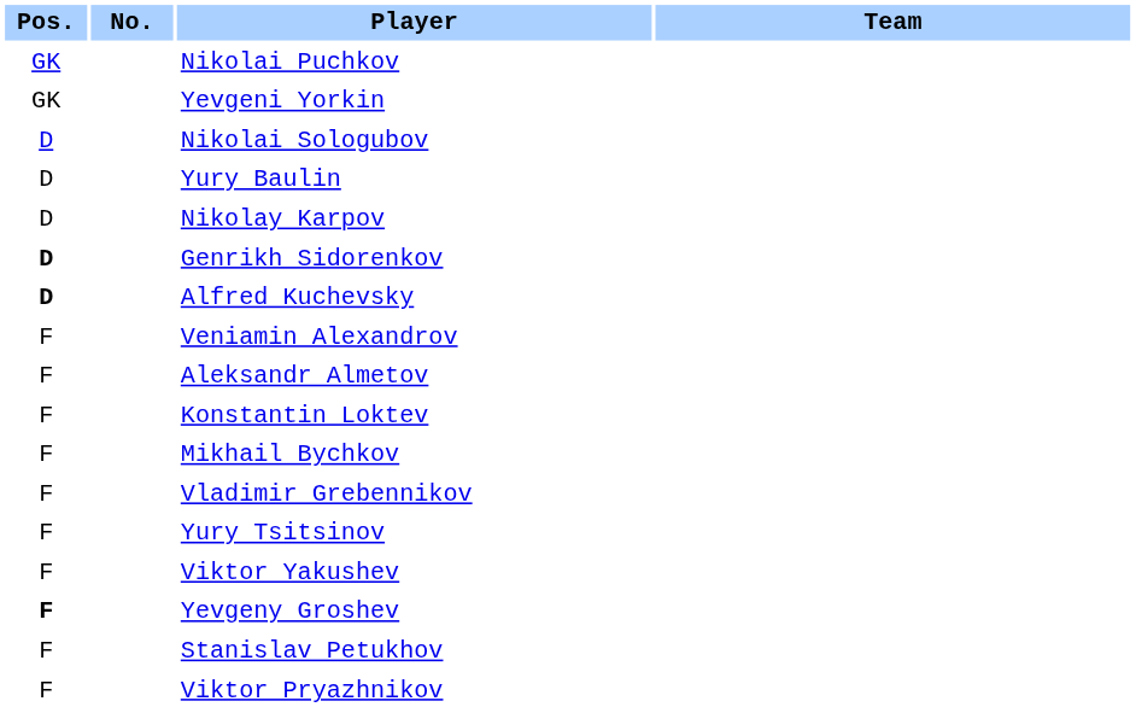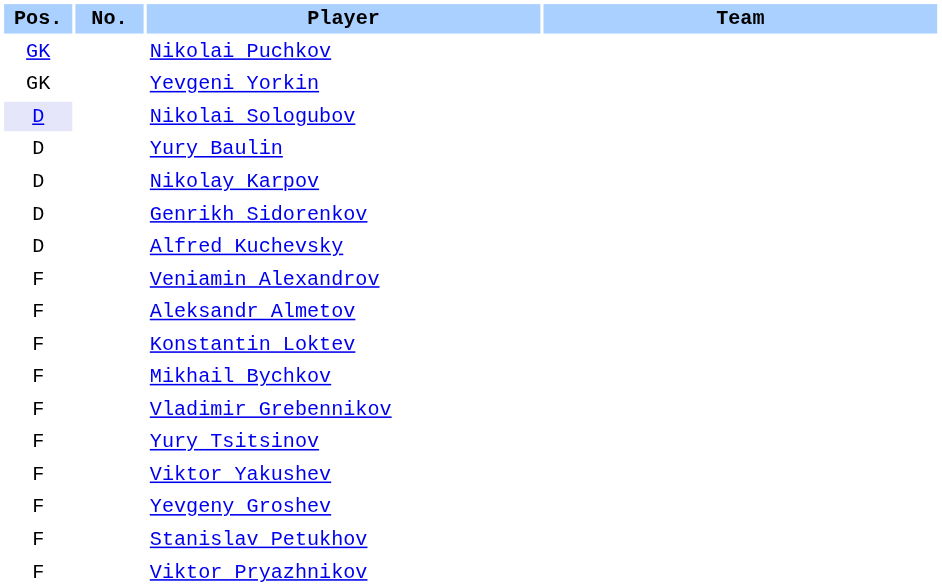 <table border="0" cellspacing="2" cellpadding="2">
 <tr bgcolor=AAD0FF>
 <th width=40>Pos.</th>
 <th width=40>No.</th>
 <th width=250>Player</th>
 <th width=250>Team</th>
 </tr>
 <tr>
 <td style="text-align:center;"><a href='#'>GK</a></td>
 <td style="text-align:center;"></td>
 <td><a href='#'>Nikolai Puchkov</a></td>
 </tr>
 <tr>
 <td style="text-align:center;">GK</td>
 <td style="text-align:center;"></td>
 <td><a href='#'>Yevgeni Yorkin</a></td>
 </tr>
 <tr>
-<td style="text-align:center;"><a href='#'>D</a></td>
+<td style="background: lavender; text-align:center;"><a href='#'>D</a></td>
 <td style="text-align:center;"></td>
 <td><a href='#'>Nikolai Sologubov</a></td>
 </tr>
 <tr>
 <td style="text-align:center;">D</td>
 <td style="text-align:center;"></td>
 <td><a href='#'>Yury Baulin</a></td>
 </tr>
 <tr>
 <td style="text-align:center;">D</td>
 <td style="text-align:center;"></td>
 <td><a href='#'>Nikolay Karpov</a></td>
 </tr>
 <tr>
-<td style="text-align:center;"><strong>D</strong></td>
+<td style="text-align:center;">D</td>
 <td style="text-align:center;"></td>
 <td><a href='#'>Genrikh Sidorenkov</a></td>
 </tr>
 <tr>
-<td style="text-align:center;"><strong>D</strong></td>
+<td style="text-align:center;">D</td>
 <td style="text-align:center;"></td>
 <td><a href='#'>Alfred Kuchevsky</a></td>
 </tr>
 <tr>
 <td style="text-align:center;">F</td>
 <td style="text-align:center;"></td>
 <td><a href='#'>Veniamin Alexandrov</a></td>
 </tr>
 <tr>
 <td style="text-align:center;">F</td>
 <td style="text-align:center;"></td>
 <td><a href='#'>Aleksandr Almetov</a></td>
 </tr>
 <tr>
 <td style="text-align:center;">F</td>
 <td style="text-align:center;"></td>
 <td><a href='#'>Konstantin Loktev</a></td>
 </tr>
 <tr>
 <td style="text-align:center;">F</td>
 <td style="text-align:center;"></td>
 <td><a href='#'>Mikhail Bychkov</a></td>
 </tr>
 <tr>
 <td style="text-align:center;">F</td>
 <td style="text-align:center;"></td>
 <td><a href='#'>Vladimir Grebennikov</a></td>
 </tr>
 <tr>
 <td style="text-align:center;">F</td>
 <td style="text-align:center;"></td>
 <td><a href='#'>Yury Tsitsinov</a></td>
 </tr>
 <tr>
 <td style="text-align:center;">F</td>
 <td style="text-align:center;"></td>
 <td><a href='#'>Viktor Yakushev</a></td>
 </tr>
 <tr>
-<td style="text-align:center;"><strong>F</strong></td>
+<td style="text-align:center;">F</td>
 <td style="text-align:center;"></td>
 <td><a href='#'>Yevgeny Groshev</a></td>
 </tr>
 <tr>
 <td style="text-align:center;">F</td>
 <td style="text-align:center;"></td>
 <td><a href='#'>Stanislav Petukhov</a></td>
 </tr>
 <tr>
 <td style="text-align:center;">F</td>
 <td style="text-align:center;"></td>
 <td><a href='#'>Viktor Pryazhnikov</a></td>
 </tr>
 </table>
